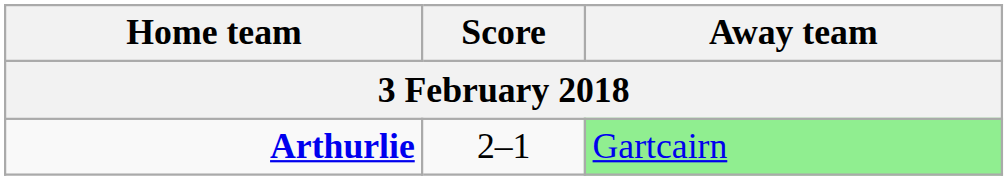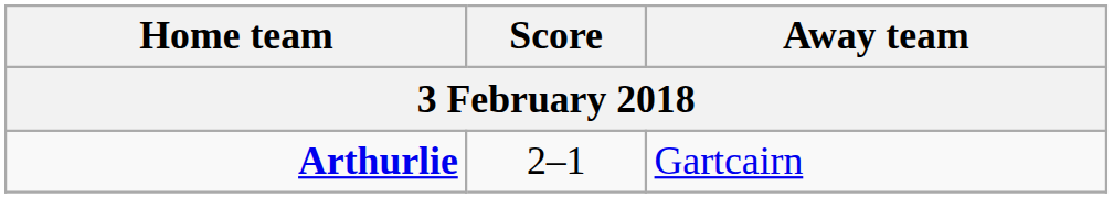 <table class="wikitable" style="border-collapse: collapse;">
 <tr>
 <th align="right" width="180">Home team</th>
 <th align="center" width="65">Score</th>
 <th align="left" width="180">Away team</th>
 </tr>
 <tr>
 <th colspan="3" align="center">3 February 2018</th>
 </tr>
 <tr>
 <td style="text-align:right;"><strong><a href='#'>Arthurlie</a></strong></td>
 <td style="text-align:center;">2–1</td>
-<td style="background: lightgreen; text-align:left;"><a href='#'>Gartcairn</a></td>
+<td style="text-align:left;"><a href='#'>Gartcairn</a></td>
 </tr>
 </table>
